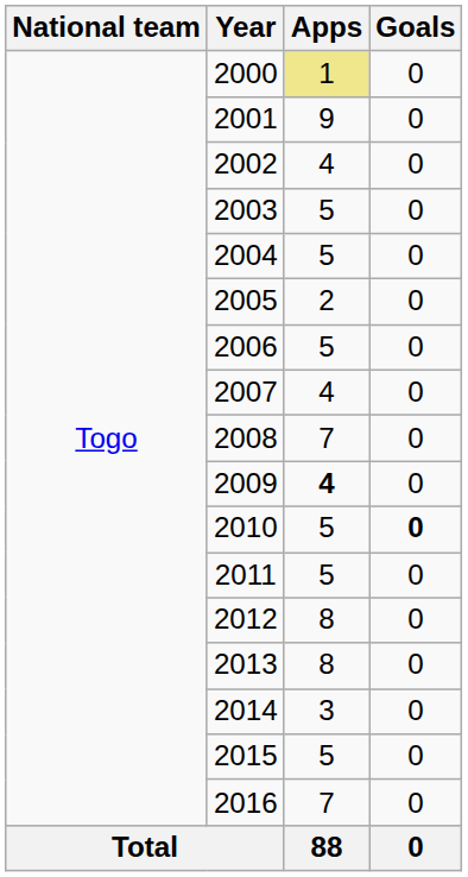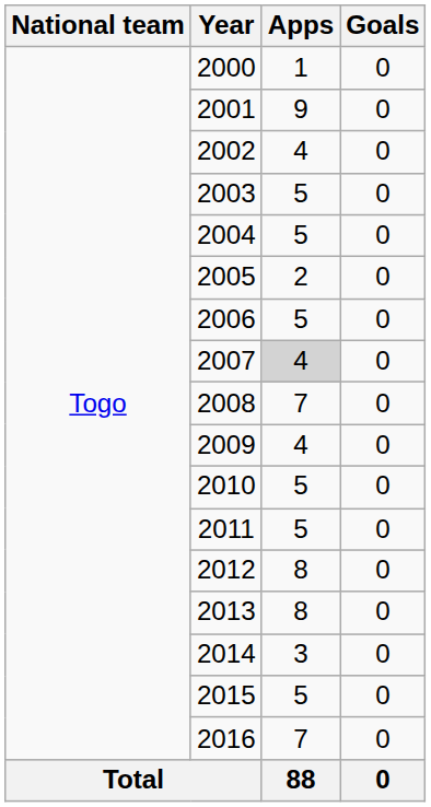 <table class="wikitable" style="text-align:center">
 <tr>
 <th>National team</th>
 <th>Year</th>
 <th>Apps</th>
 <th>Goals</th>
 </tr>
 <tr>
 <td rowspan="17"><a href='#'>Togo</a></td>
 <td>2000</td>
-<td style="background: khaki;">1</td>
+<td>1</td>
 <td>0</td>
 </tr>
 <tr>
 <td>2001</td>
 <td>9</td>
 <td>0</td>
 </tr>
 <tr>
 <td>2002</td>
 <td>4</td>
 <td>0</td>
 </tr>
 <tr>
 <td>2003</td>
 <td>5</td>
 <td>0</td>
 </tr>
 <tr>
 <td>2004</td>
 <td>5</td>
 <td>0</td>
 </tr>
 <tr>
 <td>2005</td>
 <td>2</td>
 <td>0</td>
 </tr>
 <tr>
 <td>2006</td>
 <td>5</td>
 <td>0</td>
 </tr>
 <tr>
 <td>2007</td>
-<td>4</td>
+<td style="background: lightgrey;">4</td>
 <td>0</td>
 </tr>
 <tr>
 <td>2008</td>
 <td>7</td>
 <td>0</td>
 </tr>
 <tr>
 <td>2009</td>
-<td><strong>4</strong></td>
+<td>4</td>
 <td>0</td>
 </tr>
 <tr>
 <td>2010</td>
 <td>5</td>
-<td><strong>0</strong></td>
+<td>0</td>
 </tr>
 <tr>
 <td>2011</td>
 <td>5</td>
 <td>0</td>
 </tr>
 <tr>
 <td>2012</td>
 <td>8</td>
 <td>0</td>
 </tr>
 <tr>
 <td>2013</td>
 <td>8</td>
 <td>0</td>
 </tr>
 <tr>
 <td>2014</td>
 <td>3</td>
 <td>0</td>
 </tr>
 <tr>
 <td>2015</td>
 <td>5</td>
 <td>0</td>
 </tr>
 <tr>
 <td>2016</td>
 <td>7</td>
 <td>0</td>
 </tr>
 <tr>
 <th colspan="2">Total</th>
 <th>88</th>
 <th>0</th>
 </tr>
 </table>
